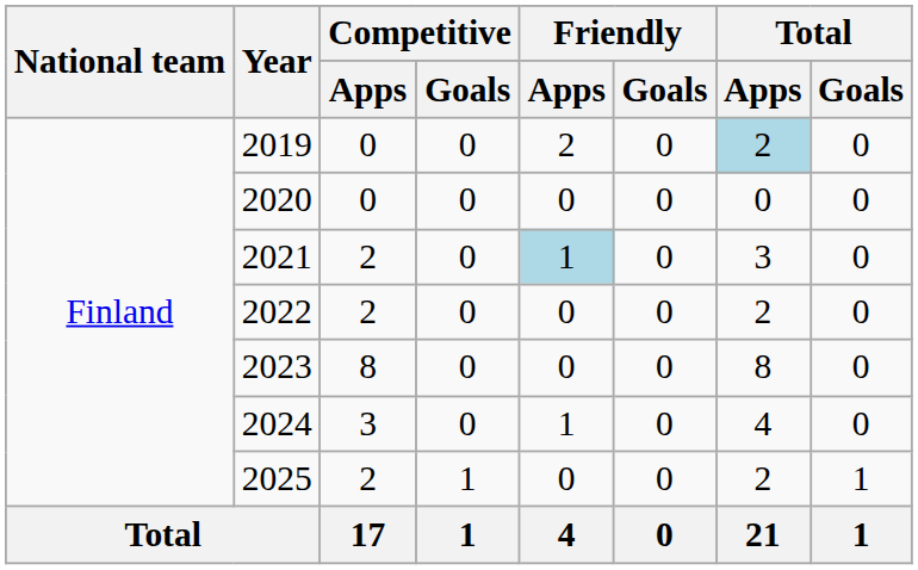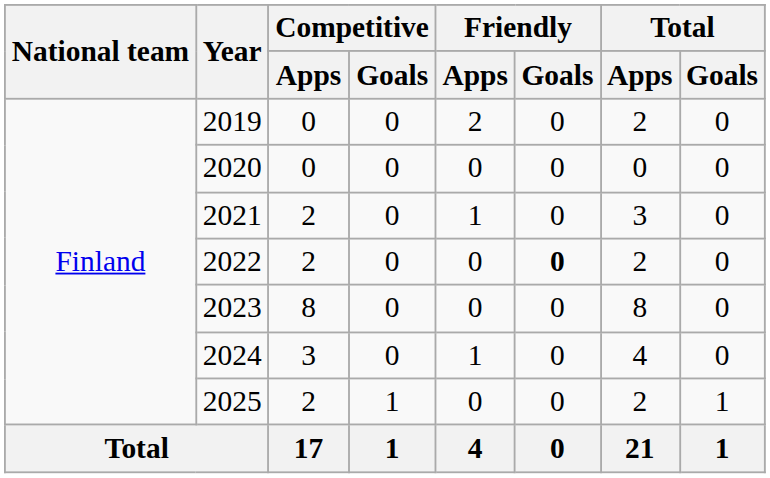 <table class="wikitable" style="text-align:center">
 <tr>
 <th rowspan="2">National team</th>
 <th rowspan="2">Year</th>
 <th colspan="2">Competitive</th>
 <th colspan="2">Friendly</th>
 <th colspan="2">Total</th>
 </tr>
 <tr>
 <th>Apps</th>
 <th>Goals</th>
 <th>Apps</th>
 <th>Goals</th>
 <th>Apps</th>
 <th>Goals</th>
 </tr>
 <tr>
 <td rowspan=7><a href='#'>Finland</a></td>
 <td>2019</td>
 <td>0</td>
 <td>0</td>
 <td>2</td>
 <td>0</td>
-<td style="background: lightblue;">2</td>
+<td>2</td>
 <td>0</td>
 </tr>
 <tr>
 <td>2020</td>
 <td>0</td>
 <td>0</td>
 <td>0</td>
 <td>0</td>
 <td>0</td>
 <td>0</td>
 </tr>
 <tr>
 <td>2021</td>
 <td>2</td>
 <td>0</td>
-<td style="background: lightblue;">1</td>
+<td>1</td>
 <td>0</td>
 <td>3</td>
 <td>0</td>
 </tr>
 <tr>
 <td>2022</td>
 <td>2</td>
 <td>0</td>
 <td>0</td>
-<td>0</td>
+<td><strong>0</strong></td>
 <td>2</td>
 <td>0</td>
 </tr>
 <tr>
 <td>2023</td>
 <td>8</td>
 <td>0</td>
 <td>0</td>
 <td>0</td>
 <td>8</td>
 <td>0</td>
 </tr>
 <tr>
 <td>2024</td>
 <td>3</td>
 <td>0</td>
 <td>1</td>
 <td>0</td>
 <td>4</td>
 <td>0</td>
 </tr>
 <tr>
 <td>2025</td>
 <td>2</td>
 <td>1</td>
 <td>0</td>
 <td>0</td>
 <td>2</td>
 <td>1</td>
 </tr>
 <tr>
 <th colspan=2>Total</th>
 <th>17</th>
 <th>1</th>
 <th>4</th>
 <th>0</th>
 <th>21</th>
 <th>1</th>
 </tr>
 </table>
